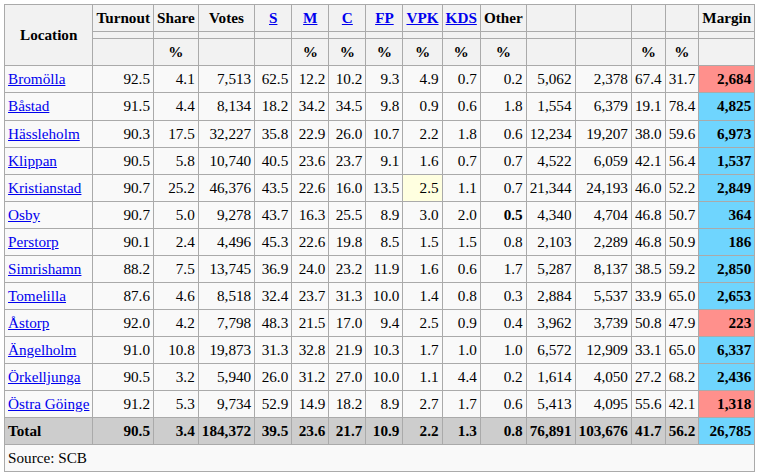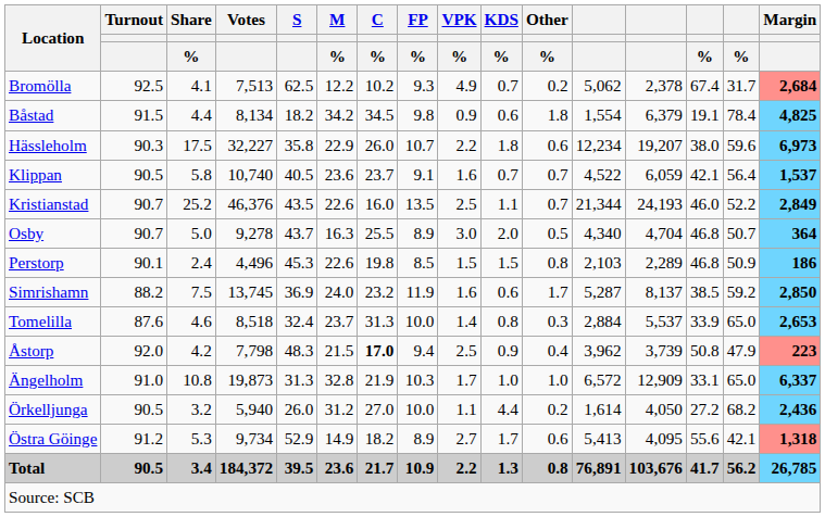 <table class="wikitable sortable" style="text-align:right; font-size:95%; line-height:20px;">
 <tr>
 <th rowspan="3">Location</th>
 <th>Turnout</th>
 <th>Share</th>
 <th>Votes</th>
 <th width="30px" class="unsortable"><a href='#'>S</a></th>
 <th width="30px" class="unsortable"><a href='#'>M</a></th>
 <th width="30px" class="unsortable"><a href='#'>C</a></th>
 <th width="30px" class="unsortable"><a href='#'>FP</a></th>
 <th width="30px" class="unsortable"><a href='#'>VPK</a></th>
 <th width="30px" class="unsortable"><a href='#'>KDS</a></th>
 <th width="30px" class="unsortable">Other</th>
 <th></th>
 <th></th>
 <th></th>
 <th></th>
 <th>Margin</th>
 </tr>
 <tr>
 <th></th>
 <th></th>
 <th></th>
 <th style="background:"></th>
 <th style="background:"></th>
 <th style="background:"></th>
 <th style="background:"></th>
 <th style="background:"></th>
 <th style="background:"></th>
 <th style="background:"></th>
 <th style="background:"></th>
 <th style="background:"></th>
 <th style="background:"></th>
 <th style="background:"></th>
 <th></th>
 </tr>
 <tr>
 <th></th>
 <th data-sort-type="number">%</th>
 <th></th>
 <th></th>
 <th data-sort-type="number">%</th>
 <th data-sort-type="number">%</th>
 <th data-sort-type="number">%</th>
 <th data-sort-type="number">%</th>
 <th data-sort-type="number">%</th>
 <th data-sort-type="number">%</th>
 <th data-sort-type="number"></th>
 <th data-sort-type="number"></th>
 <th data-sort-type="number">%</th>
 <th data-sort-type="number">%</th>
 <th data-sort-type="number"></th>
 </tr>
 <tr>
 <td align=left><a href='#'>Bromölla</a></td>
 <td>92.5</td>
 <td>4.1</td>
 <td>7,513</td>
 <td>62.5</td>
 <td>12.2</td>
 <td>10.2</td>
 <td>9.3</td>
 <td>4.9</td>
 <td>0.7</td>
 <td>0.2</td>
 <td>5,062</td>
 <td>2,378</td>
 <td>67.4</td>
 <td>31.7</td>
 <td bgcolor=#ff908c><strong>2,684</strong></td>
 </tr>
 <tr>
 <td align=left><a href='#'>Båstad</a></td>
 <td>91.5</td>
 <td>4.4</td>
 <td>8,134</td>
 <td>18.2</td>
 <td>34.2</td>
 <td>34.5</td>
 <td>9.8</td>
 <td>0.9</td>
 <td>0.6</td>
 <td>1.8</td>
 <td>1,554</td>
 <td>6,379</td>
 <td>19.1</td>
 <td>78.4</td>
 <td bgcolor=#6fd5fe><strong>4,825</strong></td>
 </tr>
 <tr>
 <td align=left><a href='#'>Hässleholm</a></td>
 <td>90.3</td>
 <td>17.5</td>
 <td>32,227</td>
 <td>35.8</td>
 <td>22.9</td>
 <td>26.0</td>
 <td>10.7</td>
 <td>2.2</td>
 <td>1.8</td>
 <td>0.6</td>
 <td>12,234</td>
 <td>19,207</td>
 <td>38.0</td>
 <td>59.6</td>
 <td bgcolor=#6fd5fe><strong>6,973</strong></td>
 </tr>
 <tr>
 <td align=left><a href='#'>Klippan</a></td>
 <td>90.5</td>
 <td>5.8</td>
 <td>10,740</td>
 <td>40.5</td>
 <td>23.6</td>
 <td>23.7</td>
 <td>9.1</td>
 <td>1.6</td>
 <td>0.7</td>
 <td>0.7</td>
 <td>4,522</td>
 <td>6,059</td>
 <td>42.1</td>
 <td>56.4</td>
 <td bgcolor=#6fd5fe><strong>1,537</strong></td>
 </tr>
 <tr>
 <td align=left><a href='#'>Kristianstad</a></td>
 <td>90.7</td>
 <td>25.2</td>
 <td>46,376</td>
 <td>43.5</td>
 <td>22.6</td>
 <td>16.0</td>
 <td>13.5</td>
-<td style="background: lightyellow;">2.5</td>
+<td>2.5</td>
 <td>1.1</td>
 <td>0.7</td>
 <td>21,344</td>
 <td>24,193</td>
 <td>46.0</td>
 <td>52.2</td>
 <td bgcolor=#6fd5fe><strong>2,849</strong></td>
 </tr>
 <tr>
 <td align=left><a href='#'>Osby</a></td>
 <td>90.7</td>
 <td>5.0</td>
 <td>9,278</td>
 <td>43.7</td>
 <td>16.3</td>
 <td>25.5</td>
 <td>8.9</td>
 <td>3.0</td>
 <td>2.0</td>
-<td><strong>0.5</strong></td>
+<td>0.5</td>
 <td>4,340</td>
 <td>4,704</td>
 <td>46.8</td>
 <td>50.7</td>
 <td bgcolor=#6fd5fe><strong>364</strong></td>
 </tr>
 <tr>
 <td align=left><a href='#'>Perstorp</a></td>
 <td>90.1</td>
 <td>2.4</td>
 <td>4,496</td>
 <td>45.3</td>
 <td>22.6</td>
 <td>19.8</td>
 <td>8.5</td>
 <td>1.5</td>
 <td>1.5</td>
 <td>0.8</td>
 <td>2,103</td>
 <td>2,289</td>
 <td>46.8</td>
 <td>50.9</td>
 <td bgcolor=#6fd5fe><strong>186</strong></td>
 </tr>
 <tr>
 <td align=left><a href='#'>Simrishamn</a></td>
 <td>88.2</td>
 <td>7.5</td>
 <td>13,745</td>
 <td>36.9</td>
 <td>24.0</td>
 <td>23.2</td>
 <td>11.9</td>
 <td>1.6</td>
 <td>0.6</td>
 <td>1.7</td>
 <td>5,287</td>
 <td>8,137</td>
 <td>38.5</td>
 <td>59.2</td>
 <td bgcolor=#6fd5fe><strong>2,850</strong></td>
 </tr>
 <tr>
 <td align=left><a href='#'>Tomelilla</a></td>
 <td>87.6</td>
 <td>4.6</td>
 <td>8,518</td>
 <td>32.4</td>
 <td>23.7</td>
 <td>31.3</td>
 <td>10.0</td>
 <td>1.4</td>
 <td>0.8</td>
 <td>0.3</td>
 <td>2,884</td>
 <td>5,537</td>
 <td>33.9</td>
 <td>65.0</td>
 <td bgcolor=#6fd5fe><strong>2,653</strong></td>
 </tr>
 <tr>
 <td align=left><a href='#'>Åstorp</a></td>
 <td>92.0</td>
 <td>4.2</td>
 <td>7,798</td>
 <td>48.3</td>
 <td>21.5</td>
-<td>17.0</td>
+<td><strong>17.0</strong></td>
 <td>9.4</td>
 <td>2.5</td>
 <td>0.9</td>
 <td>0.4</td>
 <td>3,962</td>
 <td>3,739</td>
 <td>50.8</td>
 <td>47.9</td>
 <td bgcolor=#ff908c><strong>223</strong></td>
 </tr>
 <tr>
 <td align=left><a href='#'>Ängelholm</a></td>
 <td>91.0</td>
 <td>10.8</td>
 <td>19,873</td>
 <td>31.3</td>
 <td>32.8</td>
 <td>21.9</td>
 <td>10.3</td>
 <td>1.7</td>
 <td>1.0</td>
 <td>1.0</td>
 <td>6,572</td>
 <td>12,909</td>
 <td>33.1</td>
 <td>65.0</td>
 <td bgcolor=#6fd5fe><strong>6,337</strong></td>
 </tr>
 <tr>
 <td align=left><a href='#'>Örkelljunga</a></td>
 <td>90.5</td>
 <td>3.2</td>
 <td>5,940</td>
 <td>26.0</td>
 <td>31.2</td>
 <td>27.0</td>
 <td>10.0</td>
 <td>1.1</td>
 <td>4.4</td>
 <td>0.2</td>
 <td>1,614</td>
 <td>4,050</td>
 <td>27.2</td>
 <td>68.2</td>
 <td bgcolor=#6fd5fe><strong>2,436</strong></td>
 </tr>
 <tr>
 <td align=left><a href='#'>Östra Göinge</a></td>
 <td>91.2</td>
 <td>5.3</td>
 <td>9,734</td>
 <td>52.9</td>
 <td>14.9</td>
 <td>18.2</td>
 <td>8.9</td>
 <td>2.7</td>
 <td>1.7</td>
 <td>0.6</td>
 <td>5,413</td>
 <td>4,095</td>
 <td>55.6</td>
 <td>42.1</td>
 <td bgcolor=#ff908c><strong>1,318</strong></td>
 </tr>
 <tr>
 </tr>
 <tr style="background:#CDCDCD;">
 <td align=left><strong>Total</strong></td>
 <td><strong>90.5</strong></td>
 <td><strong>3.4</strong></td>
 <td><strong>184,372</strong></td>
 <td><strong>39.5</strong></td>
 <td><strong>23.6</strong></td>
 <td><strong>21.7</strong></td>
 <td><strong>10.9</strong></td>
 <td><strong>2.2</strong></td>
 <td><strong>1.3</strong></td>
 <td><strong>0.8</strong></td>
 <td><strong>76,891</strong></td>
 <td><strong>103,676</strong></td>
 <td><strong>41.7</strong></td>
 <td><strong>56.2</strong></td>
 <td bgcolor=#6fd5fe><strong>26,785</strong></td>
 </tr>
 <tr>
 <td align=left colspan=16>Source: SCB </td>
 </tr>
 </table>
